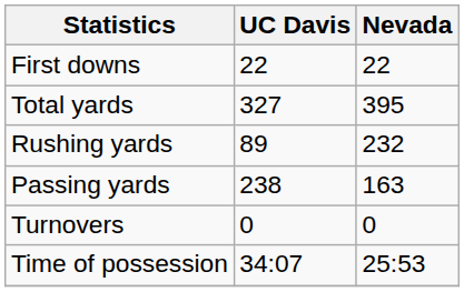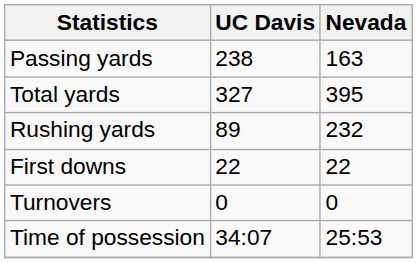 <table class="wikitable">
 <tr>
 <th>Statistics</th>
 <th>UC Davis</th>
 <th>Nevada</th>
 </tr>
 <tr>
-<td>First downs</td>
-<td>22</td>
-<td>22</td>
+<td>Passing yards</td>
+<td>238</td>
+<td>163</td>
 </tr>
 <tr>
 <td>Total yards</td>
 <td>327</td>
 <td>395</td>
 </tr>
 <tr>
 <td>Rushing yards</td>
 <td>89</td>
 <td>232</td>
 </tr>
 <tr>
-<td>Passing yards</td>
-<td>238</td>
-<td>163</td>
+<td>First downs</td>
+<td>22</td>
+<td>22</td>
 </tr>
 <tr>
 <td>Turnovers</td>
 <td>0</td>
 <td>0</td>
 </tr>
 <tr>
 <td>Time of possession</td>
 <td>34:07</td>
 <td>25:53</td>
 </tr>
 <tr>
 </tr>
 </table>
